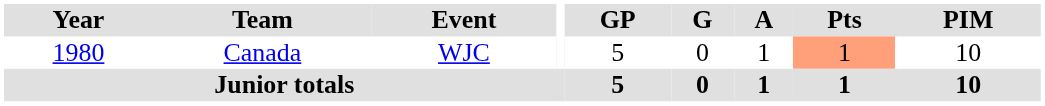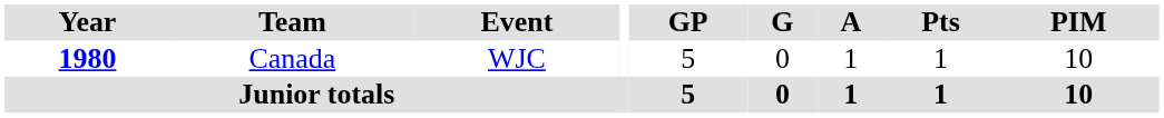 <table border="0" cellpadding="1" cellspacing="0" ID="Table3" style="text-align:center; width:40em">
 <tr bgcolor="#e0e0e0">
 <th>Year</th>
 <th>Team</th>
 <th>Event</th>
 <th rowspan="102" bgcolor="#ffffff"></th>
 <th>GP</th>
 <th>G</th>
 <th>A</th>
 <th>Pts</th>
 <th>PIM</th>
 </tr>
 <tr>
-<td><a href='#'>1980</a></td>
+<td><strong><a href='#'>1980</a></strong></td>
 <td><a href='#'>Canada</a></td>
 <td><a href='#'>WJC</a></td>
 <td>5</td>
 <td>0</td>
 <td>1</td>
-<td style="background: lightsalmon;">1</td>
+<td>1</td>
 <td>10</td>
 </tr>
 <tr bgcolor="#e0e0e0">
 <th colspan="4">Junior totals</th>
 <th>5</th>
 <th>0</th>
 <th>1</th>
 <th>1</th>
 <th>10</th>
 </tr>
 </table>
